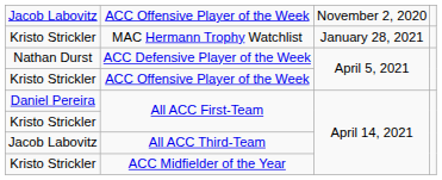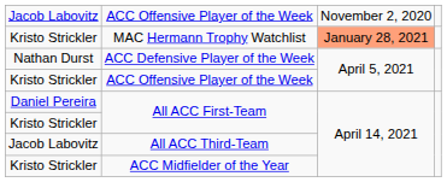 <table class="wikitable sortable" style="text-align: center">
 <tr>
 <td><a href='#'>Jacob Labovitz</a></td>
 <td><a href='#'>ACC Offensive Player of the Week</a></td>
 <td>November 2, 2020</td>
 <td></td>
 </tr>
 <tr>
 <td>Kristo Strickler</td>
 <td>MAC <a href='#'>Hermann Trophy</a> Watchlist</td>
-<td>January 28, 2021</td>
+<td style="background: lightsalmon;">January 28, 2021</td>
 <td></td>
 </tr>
 <tr>
 <td>Nathan Durst</td>
 <td><a href='#'>ACC Defensive Player of the Week</a></td>
 <td rowspan=2>April 5, 2021</td>
 <td rowspan=2></td>
 </tr>
 <tr>
 <td>Kristo Strickler</td>
 <td><a href='#'>ACC Offensive Player of the Week</a></td>
 </tr>
 <tr>
 <td><a href='#'>Daniel Pereira</a></td>
 <td rowspan=2><a href='#'>All ACC First-Team</a></td>
 <td rowspan=4>April 14, 2021</td>
 <td rowspan=4></td>
 </tr>
 <tr>
 <td>Kristo Strickler</td>
 </tr>
 <tr>
 <td>Jacob Labovitz</td>
 <td><a href='#'>All ACC Third-Team</a></td>
 </tr>
 <tr>
 <td>Kristo Strickler</td>
 <td><a href='#'>ACC Midfielder of the Year</a></td>
 </tr>
 </table>
